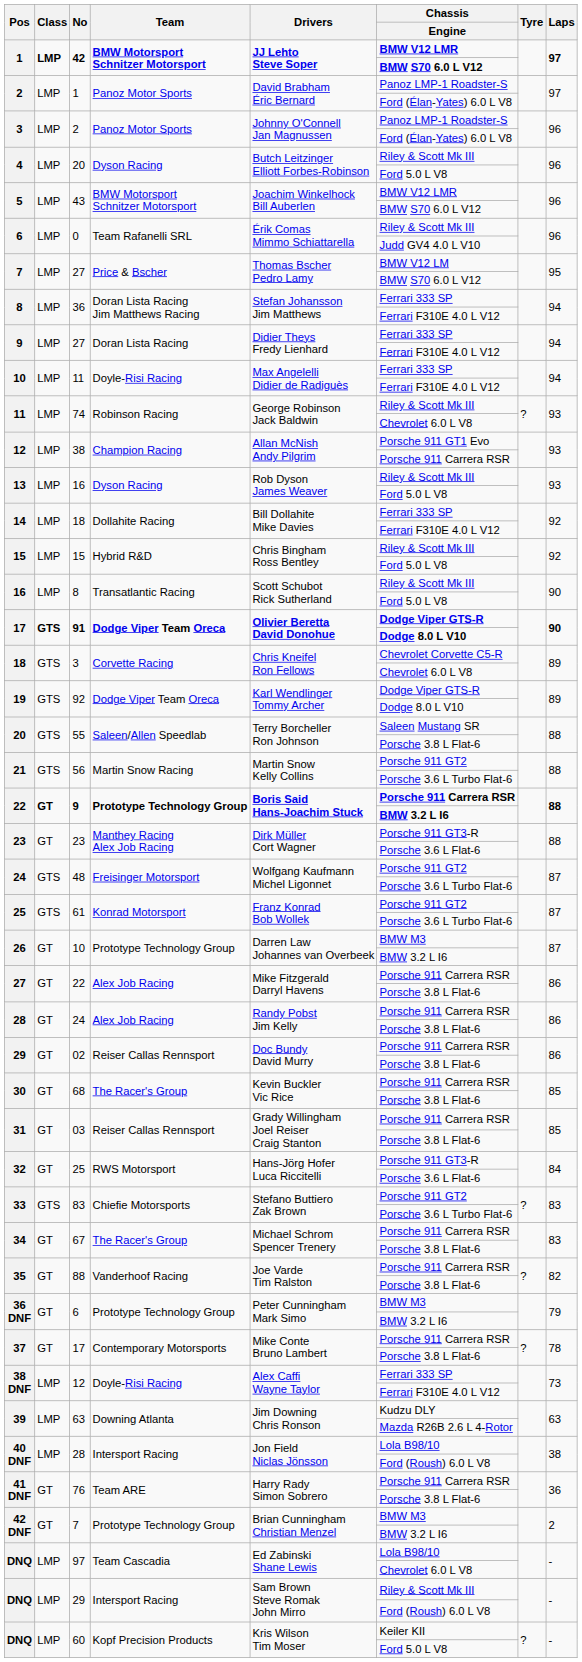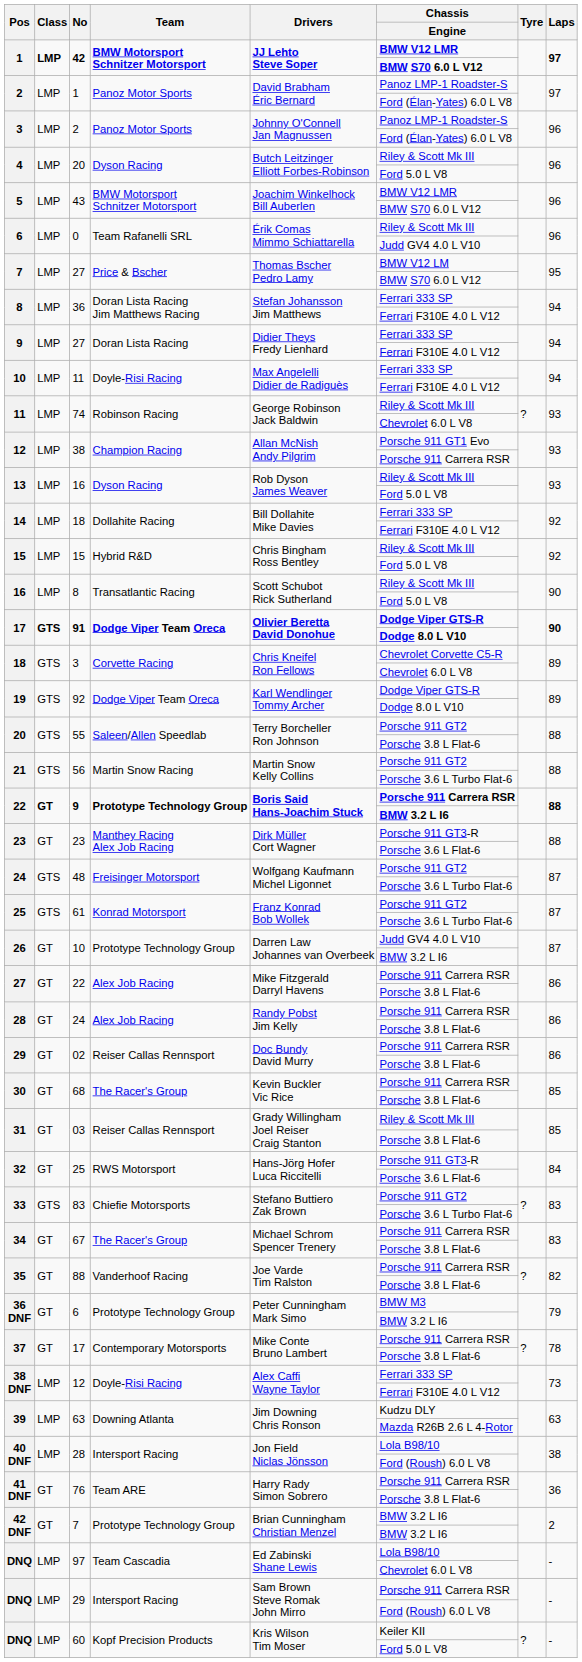 <table class="wikitable" style="font-size: 95%;">
 <tr>
 <th rowspan=2>Pos</th>
 <th rowspan=2>Class</th>
 <th rowspan=2>No</th>
 <th rowspan=2>Team</th>
 <th rowspan=2>Drivers</th>
 <th>Chassis</th>
 <th rowspan=2>Tyre</th>
 <th rowspan=2>Laps</th>
 </tr>
 <tr>
 <th>Engine</th>
 </tr>
 <tr style="font-weight:bold">
 <th rowspan=2>1</th>
 <td rowspan=2>LMP</td>
 <td rowspan=2>42</td>
 <td rowspan=2> <a href='#'>BMW Motorsport</a><br> <a href='#'>Schnitzer Motorsport</a></td>
 <td rowspan=2> <a href='#'>JJ Lehto</a><br> <a href='#'>Steve Soper</a></td>
 <td><a href='#'>BMW V12 LMR</a></td>
 <td rowspan=2></td>
 <td rowspan=2>97</td>
 </tr>
 <tr style="font-weight:bold">
 <td><a href='#'>BMW</a> <a href='#'>S70</a> 6.0 L V12</td>
 </tr>
 <tr>
 <th rowspan=2>2</th>
 <td rowspan=2>LMP</td>
 <td rowspan=2>1</td>
 <td rowspan=2> <a href='#'>Panoz Motor Sports</a></td>
 <td rowspan=2> <a href='#'>David Brabham</a><br> <a href='#'>Éric Bernard</a></td>
 <td><a href='#'>Panoz LMP-1 Roadster-S</a></td>
 <td rowspan=2></td>
 <td rowspan=2>97</td>
 </tr>
 <tr>
 <td><a href='#'>Ford</a> (<a href='#'>Élan</a>-<a href='#'>Yates</a>) 6.0 L V8</td>
 </tr>
 <tr>
 <th rowspan=2>3</th>
 <td rowspan=2>LMP</td>
 <td rowspan=2>2</td>
 <td rowspan=2> <a href='#'>Panoz Motor Sports</a></td>
 <td rowspan=2> <a href='#'>Johnny O'Connell</a><br> <a href='#'>Jan Magnussen</a></td>
 <td><a href='#'>Panoz LMP-1 Roadster-S</a></td>
 <td rowspan=2></td>
 <td rowspan=2>96</td>
 </tr>
 <tr>
 <td><a href='#'>Ford</a> (<a href='#'>Élan</a>-<a href='#'>Yates</a>) 6.0 L V8</td>
 </tr>
 <tr>
 <th rowspan=2>4</th>
 <td rowspan=2>LMP</td>
 <td rowspan=2>20</td>
 <td rowspan=2> <a href='#'>Dyson Racing</a></td>
 <td rowspan=2> <a href='#'>Butch Leitzinger</a><br> <a href='#'>Elliott Forbes-Robinson</a></td>
 <td><a href='#'>Riley & Scott Mk III</a></td>
 <td rowspan=2></td>
 <td rowspan=2>96</td>
 </tr>
 <tr>
 <td><a href='#'>Ford</a> 5.0 L V8</td>
 </tr>
 <tr>
 <th rowspan=2>5</th>
 <td rowspan=2>LMP</td>
 <td rowspan=2>43</td>
 <td rowspan=2> <a href='#'>BMW Motorsport</a><br> <a href='#'>Schnitzer Motorsport</a></td>
 <td rowspan=2> <a href='#'>Joachim Winkelhock</a><br> <a href='#'>Bill Auberlen</a></td>
 <td><a href='#'>BMW V12 LMR</a></td>
 <td rowspan=2></td>
 <td rowspan=2>96</td>
 </tr>
 <tr>
 <td><a href='#'>BMW</a> <a href='#'>S70</a> 6.0 L V12</td>
 </tr>
 <tr>
 <th rowspan=2>6</th>
 <td rowspan=2>LMP</td>
 <td rowspan=2>0</td>
 <td rowspan=2> Team Rafanelli SRL</td>
 <td rowspan=2> <a href='#'>Érik Comas</a><br> <a href='#'>Mimmo Schiattarella</a></td>
 <td><a href='#'>Riley & Scott Mk III</a></td>
 <td rowspan=2></td>
 <td rowspan=2>96</td>
 </tr>
 <tr>
 <td><a href='#'>Judd</a> GV4 4.0 L V10</td>
 </tr>
 <tr>
 <th rowspan=2>7</th>
 <td rowspan=2>LMP</td>
 <td rowspan=2>27</td>
 <td rowspan=2> <a href='#'>Price</a> & <a href='#'>Bscher</a></td>
 <td rowspan=2> <a href='#'>Thomas Bscher</a><br> <a href='#'>Pedro Lamy</a></td>
 <td><a href='#'>BMW V12 LM</a></td>
 <td rowspan=2></td>
 <td rowspan=2>95</td>
 </tr>
 <tr>
 <td><a href='#'>BMW</a> <a href='#'>S70</a> 6.0 L V12</td>
 </tr>
 <tr>
 <th rowspan=2>8</th>
 <td rowspan=2>LMP</td>
 <td rowspan=2>36</td>
 <td rowspan=2> Doran Lista Racing<br> Jim Matthews Racing</td>
 <td rowspan=2> <a href='#'>Stefan Johansson</a><br> Jim Matthews</td>
 <td><a href='#'>Ferrari 333 SP</a></td>
 <td rowspan=2></td>
 <td rowspan=2>94</td>
 </tr>
 <tr>
 <td><a href='#'>Ferrari</a> F310E 4.0 L V12</td>
 </tr>
 <tr>
 <th rowspan=2>9</th>
 <td rowspan=2>LMP</td>
 <td rowspan=2>27</td>
 <td rowspan=2> Doran Lista Racing</td>
 <td rowspan=2> <a href='#'>Didier Theys</a><br> Fredy Lienhard</td>
 <td><a href='#'>Ferrari 333 SP</a></td>
 <td rowspan=2></td>
 <td rowspan=2>94</td>
 </tr>
 <tr>
 <td><a href='#'>Ferrari</a> F310E 4.0 L V12</td>
 </tr>
 <tr>
 <th rowspan=2>10</th>
 <td rowspan=2>LMP</td>
 <td rowspan=2>11</td>
 <td rowspan=2> Doyle-<a href='#'>Risi Racing</a></td>
 <td rowspan=2> <a href='#'>Max Angelelli</a><br> <a href='#'>Didier de Radiguès</a></td>
 <td><a href='#'>Ferrari 333 SP</a></td>
 <td rowspan=2></td>
 <td rowspan=2>94</td>
 </tr>
 <tr>
 <td><a href='#'>Ferrari</a> F310E 4.0 L V12</td>
 </tr>
 <tr>
 <th rowspan=2>11</th>
 <td rowspan=2>LMP</td>
 <td rowspan=2>74</td>
 <td rowspan=2> Robinson Racing</td>
 <td rowspan=2> George Robinson<br> Jack Baldwin</td>
 <td><a href='#'>Riley & Scott Mk III</a></td>
 <td rowspan=2>?</td>
 <td rowspan=2>93</td>
 </tr>
 <tr>
 <td><a href='#'>Chevrolet</a> 6.0 L V8</td>
 </tr>
 <tr>
 <th rowspan=2>12</th>
 <td rowspan=2>LMP</td>
 <td rowspan=2>38</td>
 <td rowspan=2> <a href='#'>Champion Racing</a></td>
 <td rowspan=2> <a href='#'>Allan McNish</a><br> <a href='#'>Andy Pilgrim</a></td>
 <td><a href='#'>Porsche 911 GT1</a> Evo</td>
 <td rowspan=2></td>
 <td rowspan=2>93</td>
 </tr>
 <tr>
 <td><a href='#'>Porsche 911</a> Carrera RSR</td>
 </tr>
 <tr>
 <th rowspan=2>13</th>
 <td rowspan=2>LMP</td>
 <td rowspan=2>16</td>
 <td rowspan=2> <a href='#'>Dyson Racing</a></td>
 <td rowspan=2> Rob Dyson<br> <a href='#'>James Weaver</a></td>
 <td><a href='#'>Riley & Scott Mk III</a></td>
 <td rowspan=2></td>
 <td rowspan=2>93</td>
 </tr>
 <tr>
 <td><a href='#'>Ford</a> 5.0 L V8</td>
 </tr>
 <tr>
 <th rowspan=2>14</th>
 <td rowspan=2>LMP</td>
 <td rowspan=2>18</td>
 <td rowspan=2> Dollahite Racing</td>
 <td rowspan=2> Bill Dollahite<br> Mike Davies</td>
 <td><a href='#'>Ferrari 333 SP</a></td>
 <td rowspan=2></td>
 <td rowspan=2>92</td>
 </tr>
 <tr>
 <td><a href='#'>Ferrari</a> F310E 4.0 L V12</td>
 </tr>
 <tr>
 <th rowspan=2>15</th>
 <td rowspan=2>LMP</td>
 <td rowspan=2>15</td>
 <td rowspan=2> Hybrid R&D</td>
 <td rowspan=2> Chris Bingham<br> Ross Bentley</td>
 <td><a href='#'>Riley & Scott Mk III</a></td>
 <td rowspan=2></td>
 <td rowspan=2>92</td>
 </tr>
 <tr>
 <td><a href='#'>Ford</a> 5.0 L V8</td>
 </tr>
 <tr>
 <th rowspan=2>16</th>
 <td rowspan=2>LMP</td>
 <td rowspan=2>8</td>
 <td rowspan=2> Transatlantic Racing</td>
 <td rowspan=2> Scott Schubot<br> Rick Sutherland</td>
 <td><a href='#'>Riley & Scott Mk III</a></td>
 <td rowspan=2></td>
 <td rowspan=2>90</td>
 </tr>
 <tr>
 <td><a href='#'>Ford</a> 5.0 L V8</td>
 </tr>
 <tr style="font-weight:bold">
 <th rowspan=2>17</th>
 <td rowspan=2>GTS</td>
 <td rowspan=2>91</td>
 <td rowspan=2> <a href='#'>Dodge Viper</a> Team <a href='#'>Oreca</a></td>
 <td rowspan=2> <a href='#'>Olivier Beretta</a><br> <a href='#'>David Donohue</a></td>
 <td><a href='#'>Dodge Viper GTS-R</a></td>
 <td rowspan=2></td>
 <td rowspan=2>90</td>
 </tr>
 <tr style="font-weight:bold">
 <td><a href='#'>Dodge</a> 8.0 L V10</td>
 </tr>
 <tr>
 <th rowspan=2>18</th>
 <td rowspan=2>GTS</td>
 <td rowspan=2>3</td>
 <td rowspan=2> <a href='#'>Corvette Racing</a></td>
 <td rowspan=2> <a href='#'>Chris Kneifel</a><br> <a href='#'>Ron Fellows</a></td>
 <td><a href='#'>Chevrolet Corvette C5-R</a></td>
 <td rowspan=2></td>
 <td rowspan=2>89</td>
 </tr>
 <tr>
 <td><a href='#'>Chevrolet</a> 6.0 L V8</td>
 </tr>
 <tr>
 <th rowspan=2>19</th>
 <td rowspan=2>GTS</td>
 <td rowspan=2>92</td>
 <td rowspan=2> <a href='#'>Dodge Viper</a> Team <a href='#'>Oreca</a></td>
 <td rowspan=2> <a href='#'>Karl Wendlinger</a><br> <a href='#'>Tommy Archer</a></td>
 <td><a href='#'>Dodge Viper GTS-R</a></td>
 <td rowspan=2></td>
 <td rowspan=2>89</td>
 </tr>
 <tr>
 <td><a href='#'>Dodge</a> 8.0 L V10</td>
 </tr>
 <tr>
 <th rowspan=2>20</th>
 <td rowspan=2>GTS</td>
 <td rowspan=2>55</td>
 <td rowspan=2> <a href='#'>Saleen</a>/<a href='#'>Allen</a> Speedlab</td>
 <td rowspan=2> Terry Borcheller<br> Ron Johnson</td>
-<td><a href='#'>Saleen</a> <a href='#'>Mustang</a> SR</td>
+<td><a href='#'>Porsche 911 GT2</a></td>
 <td rowspan=2></td>
 <td rowspan=2>88</td>
 </tr>
 <tr>
 <td><a href='#'>Porsche</a> 3.8 L Flat-6</td>
 </tr>
 <tr>
 <th rowspan=2>21</th>
 <td rowspan=2>GTS</td>
 <td rowspan=2>56</td>
 <td rowspan=2> Martin Snow Racing</td>
 <td rowspan=2> Martin Snow<br> Kelly Collins</td>
 <td><a href='#'>Porsche 911 GT2</a></td>
 <td rowspan=2></td>
 <td rowspan=2>88</td>
 </tr>
 <tr>
 <td><a href='#'>Porsche</a> 3.6 L Turbo Flat-6</td>
 </tr>
 <tr style="font-weight:bold">
 <th rowspan=2>22</th>
 <td rowspan=2>GT</td>
 <td rowspan=2>9</td>
 <td rowspan=2> Prototype Technology Group</td>
 <td rowspan=2> <a href='#'>Boris Said</a><br> <a href='#'>Hans-Joachim Stuck</a></td>
 <td><a href='#'>Porsche 911</a> Carrera RSR</td>
 <td rowspan=2></td>
 <td rowspan=2>88</td>
 </tr>
 <tr style="font-weight:bold">
 <td><a href='#'>BMW</a> 3.2 L I6</td>
 </tr>
 <tr>
 <th rowspan=2>23</th>
 <td rowspan=2>GT</td>
 <td rowspan=2>23</td>
 <td rowspan=2> <a href='#'>Manthey Racing</a><br> <a href='#'>Alex Job Racing</a></td>
 <td rowspan=2> <a href='#'>Dirk Müller</a><br> Cort Wagner</td>
 <td><a href='#'>Porsche 911 GT3</a>-R</td>
 <td rowspan=2></td>
 <td rowspan=2>88</td>
 </tr>
 <tr>
 <td><a href='#'>Porsche</a> 3.6 L Flat-6</td>
 </tr>
 <tr>
 <th rowspan=2>24</th>
 <td rowspan=2>GTS</td>
 <td rowspan=2>48</td>
 <td rowspan=2> <a href='#'>Freisinger Motorsport</a></td>
 <td rowspan=2> Wolfgang Kaufmann<br> Michel Ligonnet</td>
 <td><a href='#'>Porsche 911 GT2</a></td>
 <td rowspan=2></td>
 <td rowspan=2>87</td>
 </tr>
 <tr>
 <td><a href='#'>Porsche</a> 3.6 L Turbo Flat-6</td>
 </tr>
 <tr>
 <th rowspan=2>25</th>
 <td rowspan=2>GTS</td>
 <td rowspan=2>61</td>
 <td rowspan=2> <a href='#'>Konrad Motorsport</a></td>
 <td rowspan=2> <a href='#'>Franz Konrad</a><br> <a href='#'>Bob Wollek</a></td>
 <td><a href='#'>Porsche 911 GT2</a></td>
 <td rowspan=2></td>
 <td rowspan=2>87</td>
 </tr>
 <tr>
 <td><a href='#'>Porsche</a> 3.6 L Turbo Flat-6</td>
 </tr>
 <tr>
 <th rowspan=2>26</th>
 <td rowspan=2>GT</td>
 <td rowspan=2>10</td>
 <td rowspan=2> Prototype Technology Group</td>
 <td rowspan=2> Darren Law<br> Johannes van Overbeek</td>
-<td><a href='#'>BMW M3</a></td>
+<td><a href='#'>Judd</a> GV4 4.0 L V10</td>
 <td rowspan=2></td>
 <td rowspan=2>87</td>
 </tr>
 <tr>
 <td><a href='#'>BMW</a> 3.2 L I6</td>
 </tr>
 <tr>
 <th rowspan=2>27</th>
 <td rowspan=2>GT</td>
 <td rowspan=2>22</td>
 <td rowspan=2> <a href='#'>Alex Job Racing</a></td>
 <td rowspan=2> Mike Fitzgerald<br> Darryl Havens</td>
 <td><a href='#'>Porsche 911</a> Carrera RSR</td>
 <td rowspan=2></td>
 <td rowspan=2>86</td>
 </tr>
 <tr>
 <td><a href='#'>Porsche</a> 3.8 L Flat-6</td>
 </tr>
 <tr>
 <th rowspan=2>28</th>
 <td rowspan=2>GT</td>
 <td rowspan=2>24</td>
 <td rowspan=2> <a href='#'>Alex Job Racing</a></td>
 <td rowspan=2> <a href='#'>Randy Pobst</a><br> Jim Kelly</td>
 <td><a href='#'>Porsche 911</a> Carrera RSR</td>
 <td rowspan=2></td>
 <td rowspan=2>86</td>
 </tr>
 <tr>
 <td><a href='#'>Porsche</a> 3.8 L Flat-6</td>
 </tr>
 <tr>
 <th rowspan=2>29</th>
 <td rowspan=2>GT</td>
 <td rowspan=2>02</td>
 <td rowspan=2> Reiser Callas Rennsport</td>
 <td rowspan=2> <a href='#'>Doc Bundy</a><br> David Murry</td>
 <td><a href='#'>Porsche 911</a> Carrera RSR</td>
 <td rowspan=2></td>
 <td rowspan=2>86</td>
 </tr>
 <tr>
 <td><a href='#'>Porsche</a> 3.8 L Flat-6</td>
 </tr>
 <tr>
 <th rowspan=2>30</th>
 <td rowspan=2>GT</td>
 <td rowspan=2>68</td>
 <td rowspan=2> <a href='#'>The Racer's Group</a></td>
 <td rowspan=2> Kevin Buckler<br> Vic Rice</td>
 <td><a href='#'>Porsche 911</a> Carrera RSR</td>
 <td rowspan=2></td>
 <td rowspan=2>85</td>
 </tr>
 <tr>
 <td><a href='#'>Porsche</a> 3.8 L Flat-6</td>
 </tr>
 <tr>
 <th rowspan=2>31</th>
 <td rowspan=2>GT</td>
 <td rowspan=2>03</td>
 <td rowspan=2> Reiser Callas Rennsport</td>
 <td rowspan=2> Grady Willingham<br> Joel Reiser<br> Craig Stanton</td>
-<td><a href='#'>Porsche 911</a> Carrera RSR</td>
+<td><a href='#'>Riley & Scott Mk III</a></td>
 <td rowspan=2></td>
 <td rowspan=2>85</td>
 </tr>
 <tr>
 <td><a href='#'>Porsche</a> 3.8 L Flat-6</td>
 </tr>
 <tr>
 <th rowspan=2>32</th>
 <td rowspan=2>GT</td>
 <td rowspan=2>25</td>
 <td rowspan=2> RWS Motorsport</td>
 <td rowspan=2> Hans-Jörg Hofer<br> Luca Riccitelli</td>
 <td><a href='#'>Porsche 911 GT3</a>-R</td>
 <td rowspan=2></td>
 <td rowspan=2>84</td>
 </tr>
 <tr>
 <td><a href='#'>Porsche</a> 3.6 L Flat-6</td>
 </tr>
 <tr>
 <th rowspan=2>33</th>
 <td rowspan=2>GTS</td>
 <td rowspan=2>83</td>
 <td rowspan=2> Chiefie Motorsports</td>
 <td rowspan=2> Stefano Buttiero<br> Zak Brown</td>
 <td><a href='#'>Porsche 911 GT2</a></td>
 <td rowspan=2>?</td>
 <td rowspan=2>83</td>
 </tr>
 <tr>
 <td><a href='#'>Porsche</a> 3.6 L Turbo Flat-6</td>
 </tr>
 <tr>
 <th rowspan=2>34</th>
 <td rowspan=2>GT</td>
 <td rowspan=2>67</td>
 <td rowspan=2> <a href='#'>The Racer's Group</a></td>
 <td rowspan=2> Michael Schrom<br> Spencer Trenery</td>
 <td><a href='#'>Porsche 911</a> Carrera RSR</td>
 <td rowspan=2></td>
 <td rowspan=2>83</td>
 </tr>
 <tr>
 <td><a href='#'>Porsche</a> 3.8 L Flat-6</td>
 </tr>
 <tr>
 <th rowspan=2>35</th>
 <td rowspan=2>GT</td>
 <td rowspan=2>88</td>
 <td rowspan=2> Vanderhoof Racing</td>
 <td rowspan=2> Joe Varde<br> Tim Ralston</td>
 <td><a href='#'>Porsche 911</a> Carrera RSR</td>
 <td rowspan=2>?</td>
 <td rowspan=2>82</td>
 </tr>
 <tr>
 <td><a href='#'>Porsche</a> 3.8 L Flat-6</td>
 </tr>
 <tr>
 <th rowspan=2>36<br>DNF</th>
 <td rowspan=2>GT</td>
 <td rowspan=2>6</td>
 <td rowspan=2> Prototype Technology Group</td>
 <td rowspan=2> Peter Cunningham<br> Mark Simo</td>
 <td><a href='#'>BMW M3</a></td>
 <td rowspan=2></td>
 <td rowspan=2>79</td>
 </tr>
 <tr>
 <td><a href='#'>BMW</a> 3.2 L I6</td>
 </tr>
 <tr>
 <th rowspan=2>37</th>
 <td rowspan=2>GT</td>
 <td rowspan=2>17</td>
 <td rowspan=2> Contemporary Motorsports</td>
 <td rowspan=2> Mike Conte<br> Bruno Lambert</td>
 <td><a href='#'>Porsche 911</a> Carrera RSR</td>
 <td rowspan=2>?</td>
 <td rowspan=2>78</td>
 </tr>
 <tr>
 <td><a href='#'>Porsche</a> 3.8 L Flat-6</td>
 </tr>
 <tr>
 <th rowspan=2>38<br>DNF</th>
 <td rowspan=2>LMP</td>
 <td rowspan=2>12</td>
 <td rowspan=2> Doyle-<a href='#'>Risi Racing</a></td>
 <td rowspan=2> <a href='#'>Alex Caffi</a><br> <a href='#'>Wayne Taylor</a></td>
 <td><a href='#'>Ferrari 333 SP</a></td>
 <td rowspan=2></td>
 <td rowspan=2>73</td>
 </tr>
 <tr>
 <td><a href='#'>Ferrari</a> F310E 4.0 L V12</td>
 </tr>
 <tr>
 <th rowspan=2>39</th>
 <td rowspan=2>LMP</td>
 <td rowspan=2>63</td>
 <td rowspan=2> Downing Atlanta</td>
 <td rowspan=2> Jim Downing<br> Chris Ronson</td>
 <td>Kudzu DLY</td>
 <td rowspan=2></td>
 <td rowspan=2>63</td>
 </tr>
 <tr>
 <td><a href='#'>Mazda</a> R26B 2.6 L 4-<a href='#'>Rotor</a></td>
 </tr>
 <tr>
 <th rowspan=2>40<br>DNF</th>
 <td rowspan=2>LMP</td>
 <td rowspan=2>28</td>
 <td rowspan=2> Intersport Racing</td>
 <td rowspan=2> Jon Field<br> <a href='#'>Niclas Jönsson</a></td>
 <td><a href='#'>Lola B98/10</a></td>
 <td rowspan=2></td>
 <td rowspan=2>38</td>
 </tr>
 <tr>
 <td><a href='#'>Ford</a> (<a href='#'>Roush</a>) 6.0 L V8</td>
 </tr>
 <tr>
 <th rowspan=2>41<br>DNF</th>
 <td rowspan=2>GT</td>
 <td rowspan=2>76</td>
 <td rowspan=2> Team ARE</td>
 <td rowspan=2> Harry Rady<br> Simon Sobrero</td>
 <td><a href='#'>Porsche 911</a> Carrera RSR</td>
 <td rowspan=2></td>
 <td rowspan=2>36</td>
 </tr>
 <tr>
 <td><a href='#'>Porsche</a> 3.8 L Flat-6</td>
 </tr>
 <tr>
 <th rowspan=2>42<br>DNF</th>
 <td rowspan=2>GT</td>
 <td rowspan=2>7</td>
 <td rowspan=2> Prototype Technology Group</td>
 <td rowspan=2> Brian Cunningham<br> <a href='#'>Christian Menzel</a></td>
-<td><a href='#'>BMW M3</a></td>
+<td><a href='#'>BMW</a> 3.2 L I6</td>
 <td rowspan=2></td>
 <td rowspan=2>2</td>
 </tr>
 <tr>
 <td><a href='#'>BMW</a> 3.2 L I6</td>
 </tr>
 <tr>
 <th rowspan=2>DNQ</th>
 <td rowspan=2>LMP</td>
 <td rowspan=2>97</td>
 <td rowspan=2> Team Cascadia</td>
 <td rowspan=2> Ed Zabinski<br> <a href='#'>Shane Lewis</a></td>
 <td><a href='#'>Lola B98/10</a></td>
 <td rowspan=2></td>
 <td rowspan=2>-</td>
 </tr>
 <tr>
 <td><a href='#'>Chevrolet</a> 6.0 L V8</td>
 </tr>
 <tr>
 <th rowspan=2>DNQ</th>
 <td rowspan=2>LMP</td>
 <td rowspan=2>29</td>
 <td rowspan=2> Intersport Racing</td>
 <td rowspan=2> Sam Brown<br> Steve Romak<br> John Mirro</td>
-<td><a href='#'>Riley & Scott Mk III</a></td>
+<td><a href='#'>Porsche 911</a> Carrera RSR</td>
 <td rowspan=2></td>
 <td rowspan=2>-</td>
 </tr>
 <tr>
 <td><a href='#'>Ford</a> (<a href='#'>Roush</a>) 6.0 L V8</td>
 </tr>
 <tr>
 <th rowspan=2>DNQ</th>
 <td rowspan=2>LMP</td>
 <td rowspan=2>60</td>
 <td rowspan=2> Kopf Precision Products</td>
 <td rowspan=2> Kris Wilson<br> Tim Moser</td>
 <td>Keiler KII</td>
 <td rowspan=2>?</td>
 <td rowspan=2>-</td>
 </tr>
 <tr>
 <td><a href='#'>Ford</a> 5.0 L V8</td>
 </tr>
 </table>
